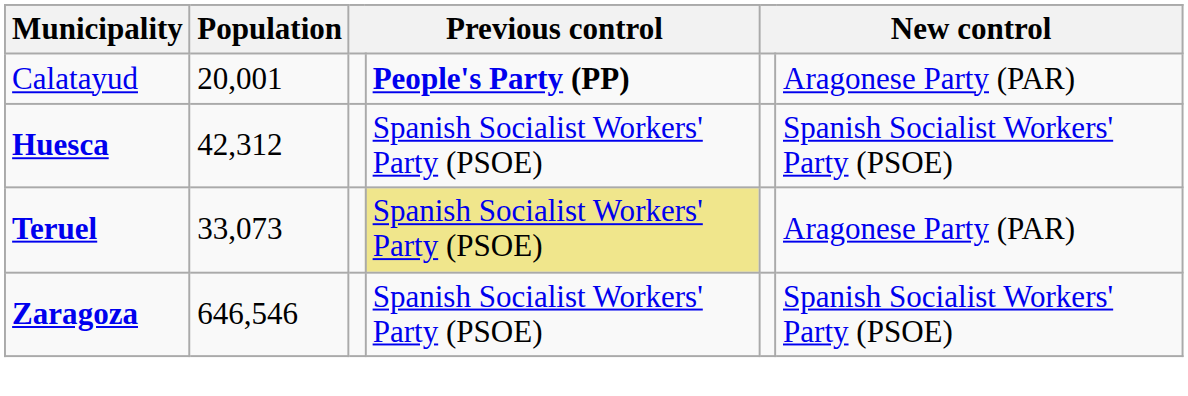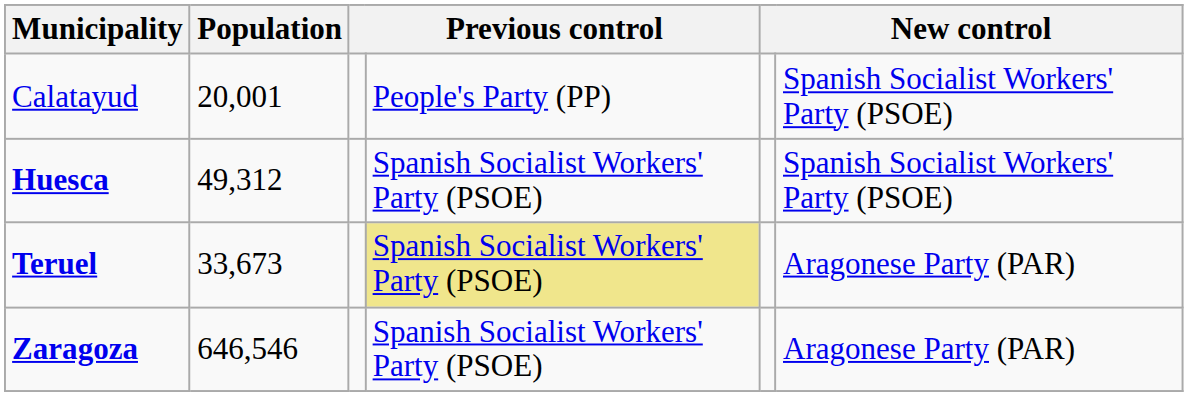 <table class="wikitable sortable">
 <tr>
 <th>Municipality</th>
 <th>Population</th>
 <th colspan="2" style="width:375px;">Previous control</th>
 <th colspan="2" style="width:375px;">New control</th>
 </tr>
 <tr>
 <td><a href='#'>Calatayud</a></td>
 <td>20,001</td>
 <td width="1" style="color:inherit;background:"></td>
-<td><strong><a href='#'>People's Party</a> (PP)</strong></td>
+<td><a href='#'>People's Party</a> (PP)</td>
 <td width="1" style="color:inherit;background:"></td>
-<td><a href='#'>Aragonese Party</a> (PAR) </td>
+<td><a href='#'>Spanish Socialist Workers' Party</a> (PSOE)</td>
 </tr>
 <tr>
 <td><strong><a href='#'>Huesca</a></strong></td>
-<td>42,312</td>
+<td>49,312</td>
 <td style="color:inherit;background:"></td>
 <td><a href='#'>Spanish Socialist Workers' Party</a> (PSOE)</td>
 <td style="color:inherit;background:"></td>
 <td><a href='#'>Spanish Socialist Workers' Party</a> (PSOE)</td>
 </tr>
 <tr>
 <td><strong><a href='#'>Teruel</a></strong></td>
-<td>33,073</td>
+<td>33,673</td>
 <td style="color:inherit;background:"></td>
 <td style="background: khaki;"><a href='#'>Spanish Socialist Workers' Party</a> (PSOE)</td>
 <td style="color:inherit;background:"></td>
 <td><a href='#'>Aragonese Party</a> (PAR) </td>
 </tr>
 <tr>
 <td><strong><a href='#'>Zaragoza</a></strong></td>
 <td>646,546</td>
 <td style="color:inherit;background:"></td>
 <td><a href='#'>Spanish Socialist Workers' Party</a> (PSOE)</td>
 <td style="color:inherit;background:"></td>
-<td><a href='#'>Spanish Socialist Workers' Party</a> (PSOE)</td>
+<td><a href='#'>Aragonese Party</a> (PAR) </td>
 </tr>
 </table>
